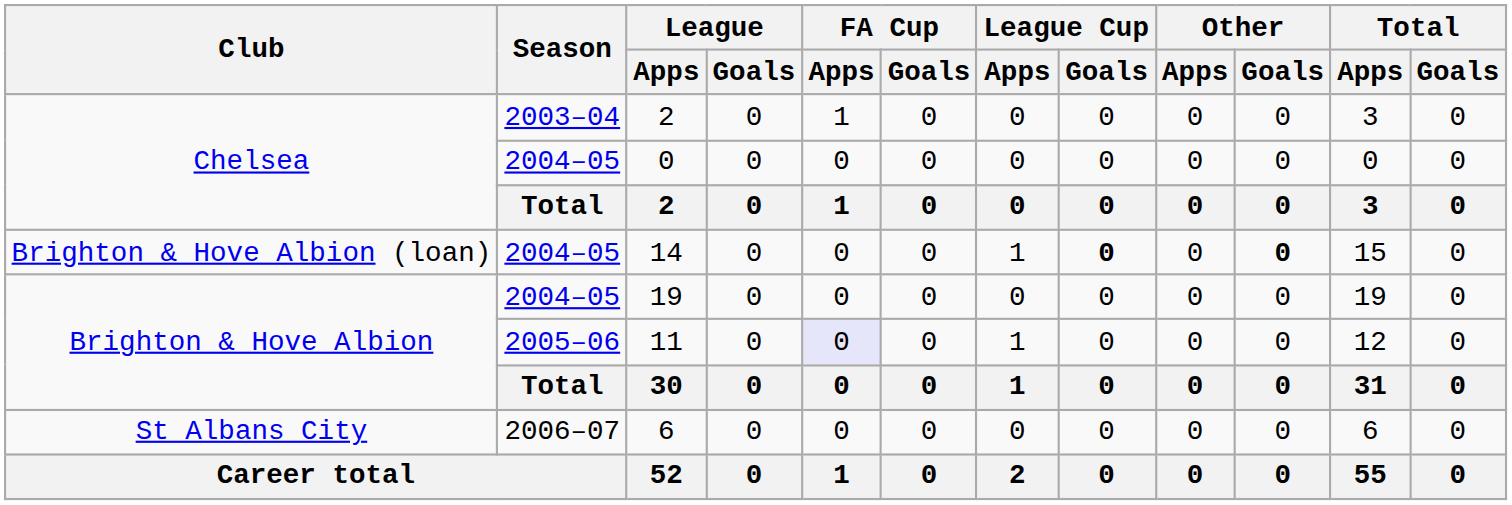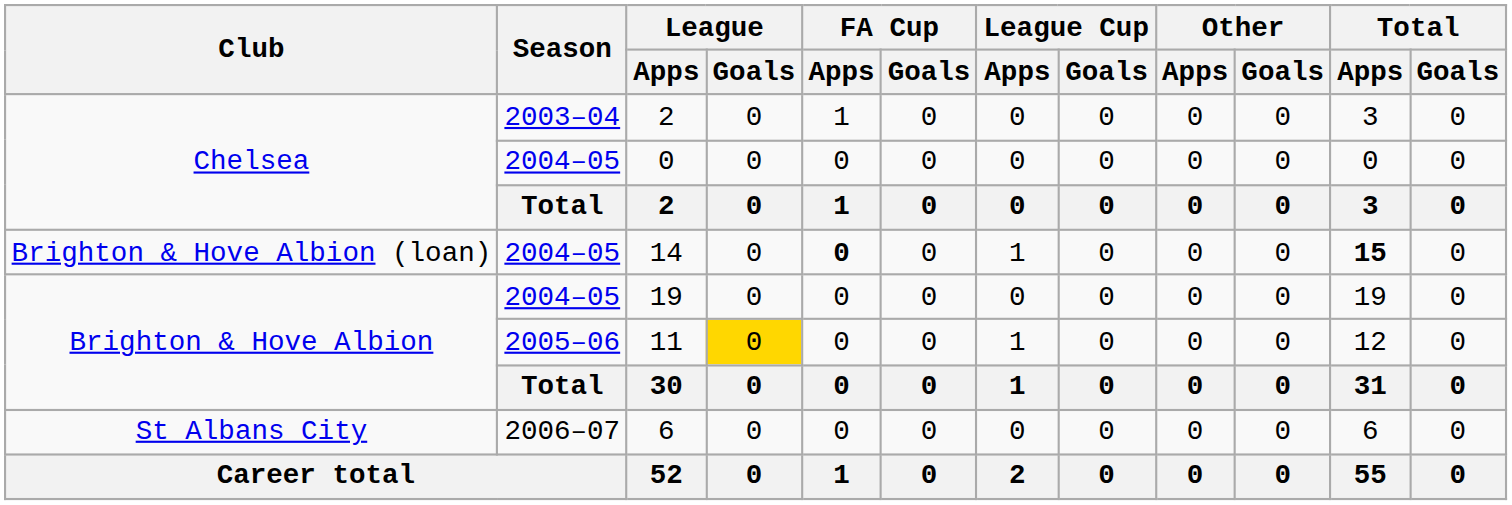 <table class="wikitable" style="text-align: center;">
 <tr>
 <th rowspan="2">Club</th>
 <th rowspan="2">Season</th>
 <th colspan="2">League</th>
 <th colspan="2">FA Cup</th>
 <th colspan="2">League Cup</th>
 <th colspan="2">Other</th>
 <th colspan="2">Total</th>
 </tr>
 <tr>
 <th>Apps</th>
 <th>Goals</th>
 <th>Apps</th>
 <th>Goals</th>
 <th>Apps</th>
 <th>Goals</th>
 <th>Apps</th>
 <th>Goals</th>
 <th>Apps</th>
 <th>Goals</th>
 </tr>
 <tr>
 <td rowspan="3"><a href='#'>Chelsea</a></td>
 <td><a href='#'>2003–04</a></td>
 <td>2</td>
 <td>0</td>
 <td>1</td>
 <td>0</td>
 <td>0</td>
 <td>0</td>
 <td>0</td>
 <td>0</td>
 <td>3</td>
 <td>0</td>
 </tr>
 <tr>
 <td><a href='#'>2004–05</a></td>
 <td>0</td>
 <td>0</td>
 <td>0</td>
 <td>0</td>
 <td>0</td>
 <td>0</td>
 <td>0</td>
 <td>0</td>
 <td>0</td>
 <td>0</td>
 </tr>
 <tr>
 <th>Total</th>
 <th>2</th>
 <th>0</th>
 <th>1</th>
 <th>0</th>
 <th>0</th>
 <th>0</th>
 <th>0</th>
 <th>0</th>
 <th>3</th>
 <th>0</th>
 </tr>
 <tr>
 <td rowspan="1"><a href='#'>Brighton & Hove Albion</a> (loan)</td>
 <td><a href='#'>2004–05</a></td>
 <td>14</td>
 <td>0</td>
+<td><strong>0</strong></td>
+<td>0</td>
+<td>1</td>
 <td>0</td>
 <td>0</td>
-<td>1</td>
-<td><strong>0</strong></td>
 <td>0</td>
-<td><strong>0</strong></td>
-<td>15</td>
+<td><strong>15</strong></td>
 <td>0</td>
 </tr>
 <tr>
 <td rowspan="3"><a href='#'>Brighton & Hove Albion</a></td>
 <td><a href='#'>2004–05</a></td>
 <td>19</td>
 <td>0</td>
 <td>0</td>
 <td>0</td>
 <td>0</td>
 <td>0</td>
 <td>0</td>
 <td>0</td>
 <td>19</td>
 <td>0</td>
 </tr>
 <tr>
 <td><a href='#'>2005–06</a></td>
 <td>11</td>
+<td style="background: gold;">0</td>
 <td>0</td>
-<td style="background: lavender;">0</td>
 <td>0</td>
 <td>1</td>
 <td>0</td>
 <td>0</td>
 <td>0</td>
 <td>12</td>
 <td>0</td>
 </tr>
 <tr>
 <th>Total</th>
 <th>30</th>
 <th>0</th>
 <th>0</th>
 <th>0</th>
 <th>1</th>
 <th>0</th>
 <th>0</th>
 <th>0</th>
 <th>31</th>
 <th>0</th>
 </tr>
 <tr>
 <td rowspan="1"><a href='#'>St Albans City</a></td>
 <td>2006–07</td>
 <td>6</td>
 <td>0</td>
 <td>0</td>
 <td>0</td>
 <td>0</td>
 <td>0</td>
 <td>0</td>
 <td>0</td>
 <td>6</td>
 <td>0</td>
 </tr>
 <tr>
 <th colspan="2">Career total</th>
 <th>52</th>
 <th>0</th>
 <th>1</th>
 <th>0</th>
 <th>2</th>
 <th>0</th>
 <th>0</th>
 <th>0</th>
 <th>55</th>
 <th>0</th>
 </tr>
 </table>
